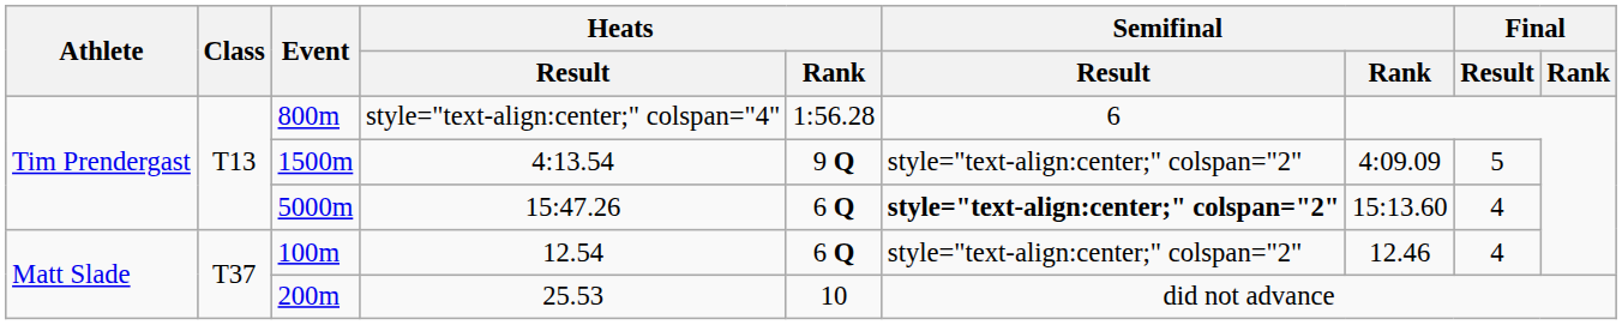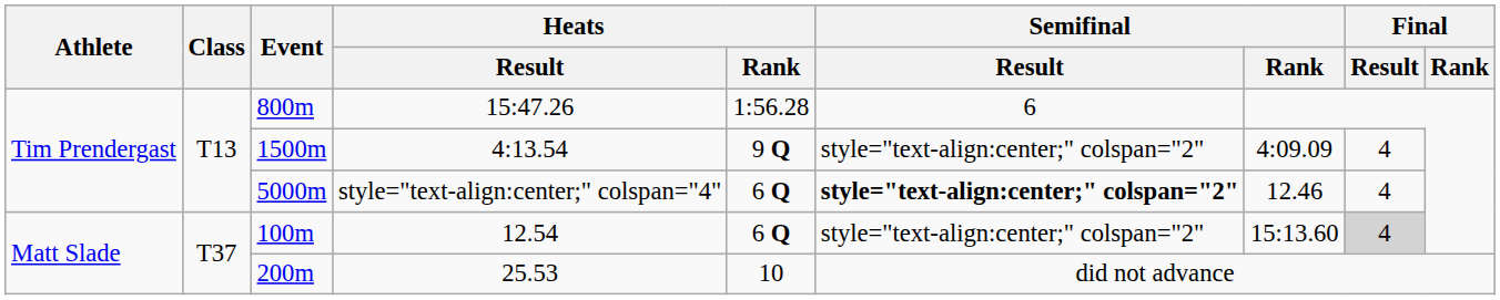 <table class=wikitable style="font-size:90%">
 <tr>
 <th rowspan="2">Athlete</th>
 <th rowspan="2">Class</th>
 <th rowspan="2">Event</th>
 <th colspan="2">Heats</th>
 <th colspan="2">Semifinal</th>
 <th colspan="2">Final</th>
 </tr>
 <tr>
 <th>Result</th>
 <th>Rank</th>
 <th>Result</th>
 <th>Rank</th>
 <th>Result</th>
 <th>Rank</th>
 </tr>
 <tr>
 <td rowspan="3"><a href='#'>Tim Prendergast</a></td>
 <td rowspan="3" style="text-align:center;">T13</td>
 <td><a href='#'>800m</a></td>
-<td>style="text-align:center;" colspan="4" </td>
+<td style="text-align:center;">15:47.26</td>
 <td style="text-align:center;">1:56.28</td>
 <td style="text-align:center;">6</td>
 </tr>
 <tr>
 <td><a href='#'>1500m</a></td>
 <td style="text-align:center;">4:13.54</td>
 <td style="text-align:center;">9 <strong>Q</strong></td>
 <td>style="text-align:center;" colspan="2" </td>
 <td style="text-align:center;">4:09.09</td>
-<td style="text-align:center;">5</td>
+<td style="text-align:center;">4</td>
 </tr>
 <tr>
 <td><a href='#'>5000m</a></td>
-<td style="text-align:center;">15:47.26</td>
+<td>style="text-align:center;" colspan="4" </td>
 <td style="text-align:center;">6 <strong>Q</strong></td>
 <td><strong>style="text-align:center;" colspan="2" </strong></td>
-<td style="text-align:center;">15:13.60</td>
+<td style="text-align:center;">12.46</td>
 <td style="text-align:center;">4</td>
 </tr>
 <tr>
 <td rowspan="2"><a href='#'>Matt Slade</a></td>
 <td rowspan="2" style="text-align:center;">T37</td>
 <td><a href='#'>100m</a></td>
 <td style="text-align:center;">12.54</td>
 <td style="text-align:center;">6 <strong>Q</strong></td>
 <td>style="text-align:center;" colspan="2" </td>
-<td style="text-align:center;">12.46</td>
-<td style="text-align:center;">4</td>
+<td style="text-align:center;">15:13.60</td>
+<td style="background: lightgrey; text-align:center;">4</td>
 </tr>
 <tr>
 <td><a href='#'>200m</a></td>
 <td style="text-align:center;">25.53</td>
 <td style="text-align:center;">10</td>
 <td style="text-align:center;" colspan="4">did not advance</td>
 </tr>
 </table>
